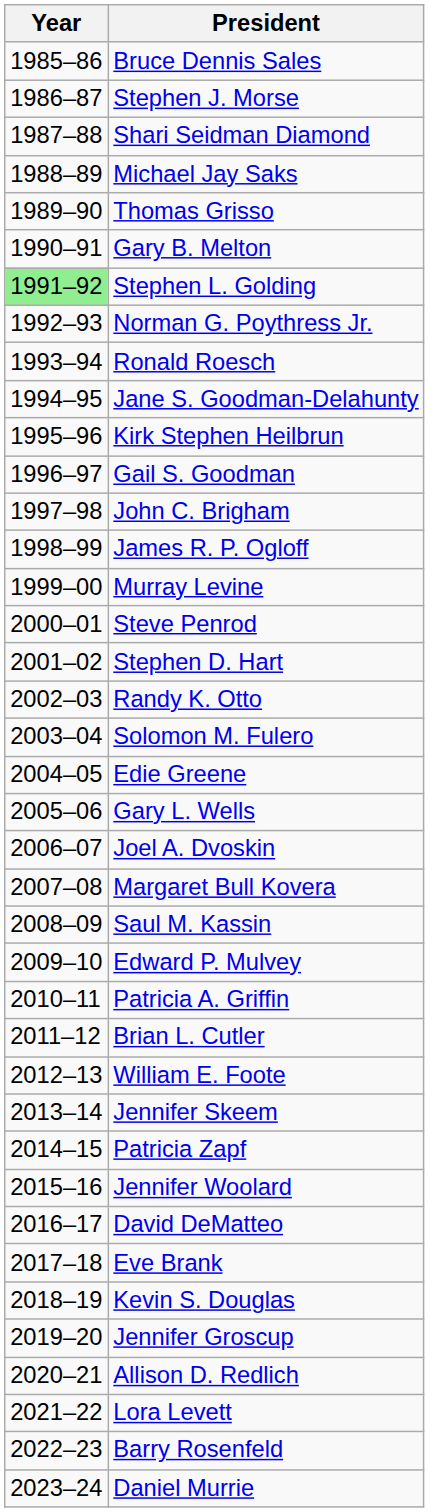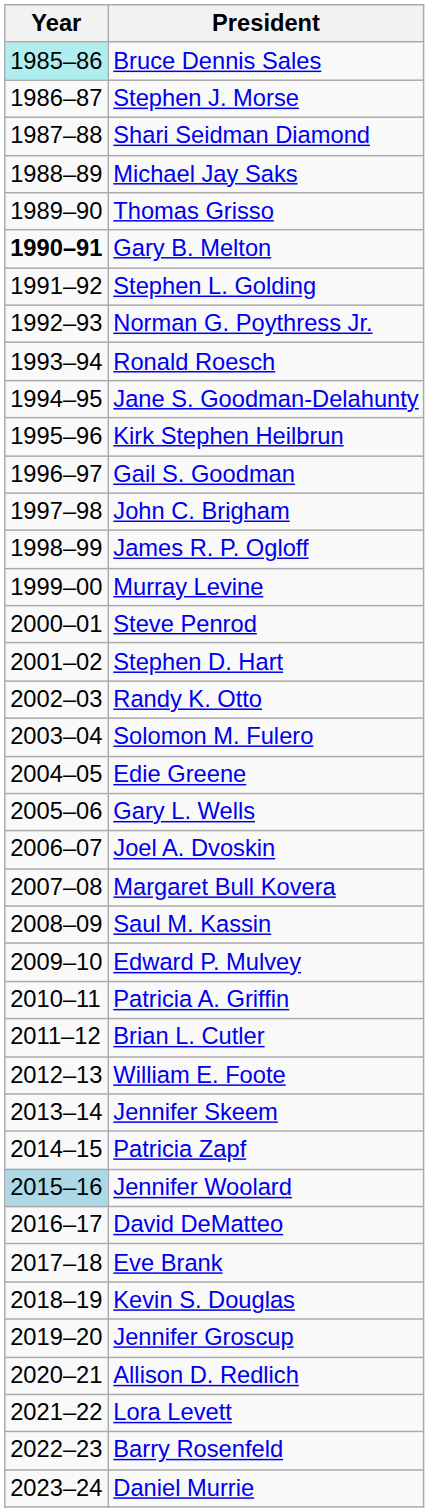 <table class="wikitable sortable plainrowheaders">
 <tr>
 <th scope="col">Year</th>
 <th scope="col">President</th>
 </tr>
 <tr>
-<td>1985–86</td>
+<td style="background: paleturquoise;">1985–86</td>
 <td><a href='#'>Bruce Dennis Sales</a></td>
 </tr>
 <tr>
 <td>1986–87</td>
 <td><a href='#'>Stephen J. Morse</a></td>
 </tr>
 <tr>
 <td>1987–88</td>
 <td><a href='#'>Shari Seidman Diamond</a></td>
 </tr>
 <tr>
 <td>1988–89</td>
 <td><a href='#'>Michael Jay Saks</a></td>
 </tr>
 <tr>
 <td>1989–90</td>
 <td><a href='#'>Thomas Grisso</a></td>
 </tr>
 <tr>
-<td>1990–91</td>
+<td><strong>1990–91</strong></td>
 <td><a href='#'>Gary B. Melton</a></td>
 </tr>
 <tr>
-<td style="background: lightgreen;">1991–92</td>
+<td>1991–92</td>
 <td><a href='#'>Stephen L. Golding</a></td>
 </tr>
 <tr>
 <td>1992–93</td>
 <td><a href='#'>Norman G. Poythress Jr.</a></td>
 </tr>
 <tr>
 <td>1993–94</td>
 <td><a href='#'>Ronald Roesch</a></td>
 </tr>
 <tr>
 <td>1994–95</td>
 <td><a href='#'>Jane S. Goodman-Delahunty</a></td>
 </tr>
 <tr>
 <td>1995–96</td>
 <td><a href='#'>Kirk Stephen Heilbrun</a></td>
 </tr>
 <tr>
 <td>1996–97</td>
 <td><a href='#'>Gail S. Goodman</a></td>
 </tr>
 <tr>
 <td>1997–98</td>
 <td><a href='#'>John C. Brigham</a></td>
 </tr>
 <tr>
 <td>1998–99</td>
 <td><a href='#'>James R. P. Ogloff</a></td>
 </tr>
 <tr>
 <td>1999–00</td>
 <td><a href='#'>Murray Levine</a></td>
 </tr>
 <tr>
 <td>2000–01</td>
 <td><a href='#'>Steve Penrod</a></td>
 </tr>
 <tr>
 <td>2001–02</td>
 <td><a href='#'>Stephen D. Hart</a></td>
 </tr>
 <tr>
 <td>2002–03</td>
 <td><a href='#'>Randy K. Otto</a></td>
 </tr>
 <tr>
 <td>2003–04</td>
 <td><a href='#'>Solomon M. Fulero</a></td>
 </tr>
 <tr>
 <td>2004–05</td>
 <td><a href='#'>Edie Greene</a></td>
 </tr>
 <tr>
 <td>2005–06</td>
 <td><a href='#'>Gary L. Wells</a></td>
 </tr>
 <tr>
 <td>2006–07</td>
 <td><a href='#'>Joel A. Dvoskin</a></td>
 </tr>
 <tr>
 <td>2007–08</td>
 <td><a href='#'>Margaret Bull Kovera</a></td>
 </tr>
 <tr>
 <td>2008–09</td>
 <td><a href='#'>Saul M. Kassin</a></td>
 </tr>
 <tr>
 <td>2009–10</td>
 <td><a href='#'>Edward P. Mulvey</a></td>
 </tr>
 <tr>
 <td>2010–11</td>
 <td><a href='#'>Patricia A. Griffin</a></td>
 </tr>
 <tr>
 <td>2011–12</td>
 <td><a href='#'>Brian L. Cutler</a></td>
 </tr>
 <tr>
 <td>2012–13</td>
 <td><a href='#'>William E. Foote</a></td>
 </tr>
 <tr>
 <td>2013–14</td>
 <td><a href='#'>Jennifer Skeem</a></td>
 </tr>
 <tr>
 <td>2014–15</td>
 <td><a href='#'>Patricia Zapf</a></td>
 </tr>
 <tr>
-<td>2015–16</td>
+<td style="background: lightblue;">2015–16</td>
 <td><a href='#'>Jennifer Woolard</a></td>
 </tr>
 <tr>
 <td>2016–17</td>
 <td><a href='#'>David DeMatteo</a></td>
 </tr>
 <tr>
 <td>2017–18</td>
 <td><a href='#'>Eve Brank</a></td>
 </tr>
 <tr>
 <td>2018–19</td>
 <td><a href='#'>Kevin S. Douglas</a></td>
 </tr>
 <tr>
 <td>2019–20</td>
 <td><a href='#'>Jennifer Groscup</a></td>
 </tr>
 <tr>
 <td>2020–21</td>
 <td><a href='#'>Allison D. Redlich</a></td>
 </tr>
 <tr>
 <td>2021–22</td>
 <td><a href='#'>Lora Levett</a></td>
 </tr>
 <tr>
 <td>2022–23</td>
 <td><a href='#'>Barry Rosenfeld</a></td>
 </tr>
 <tr>
 <td>2023–24</td>
 <td><a href='#'>Daniel Murrie</a></td>
 </tr>
 </table>
